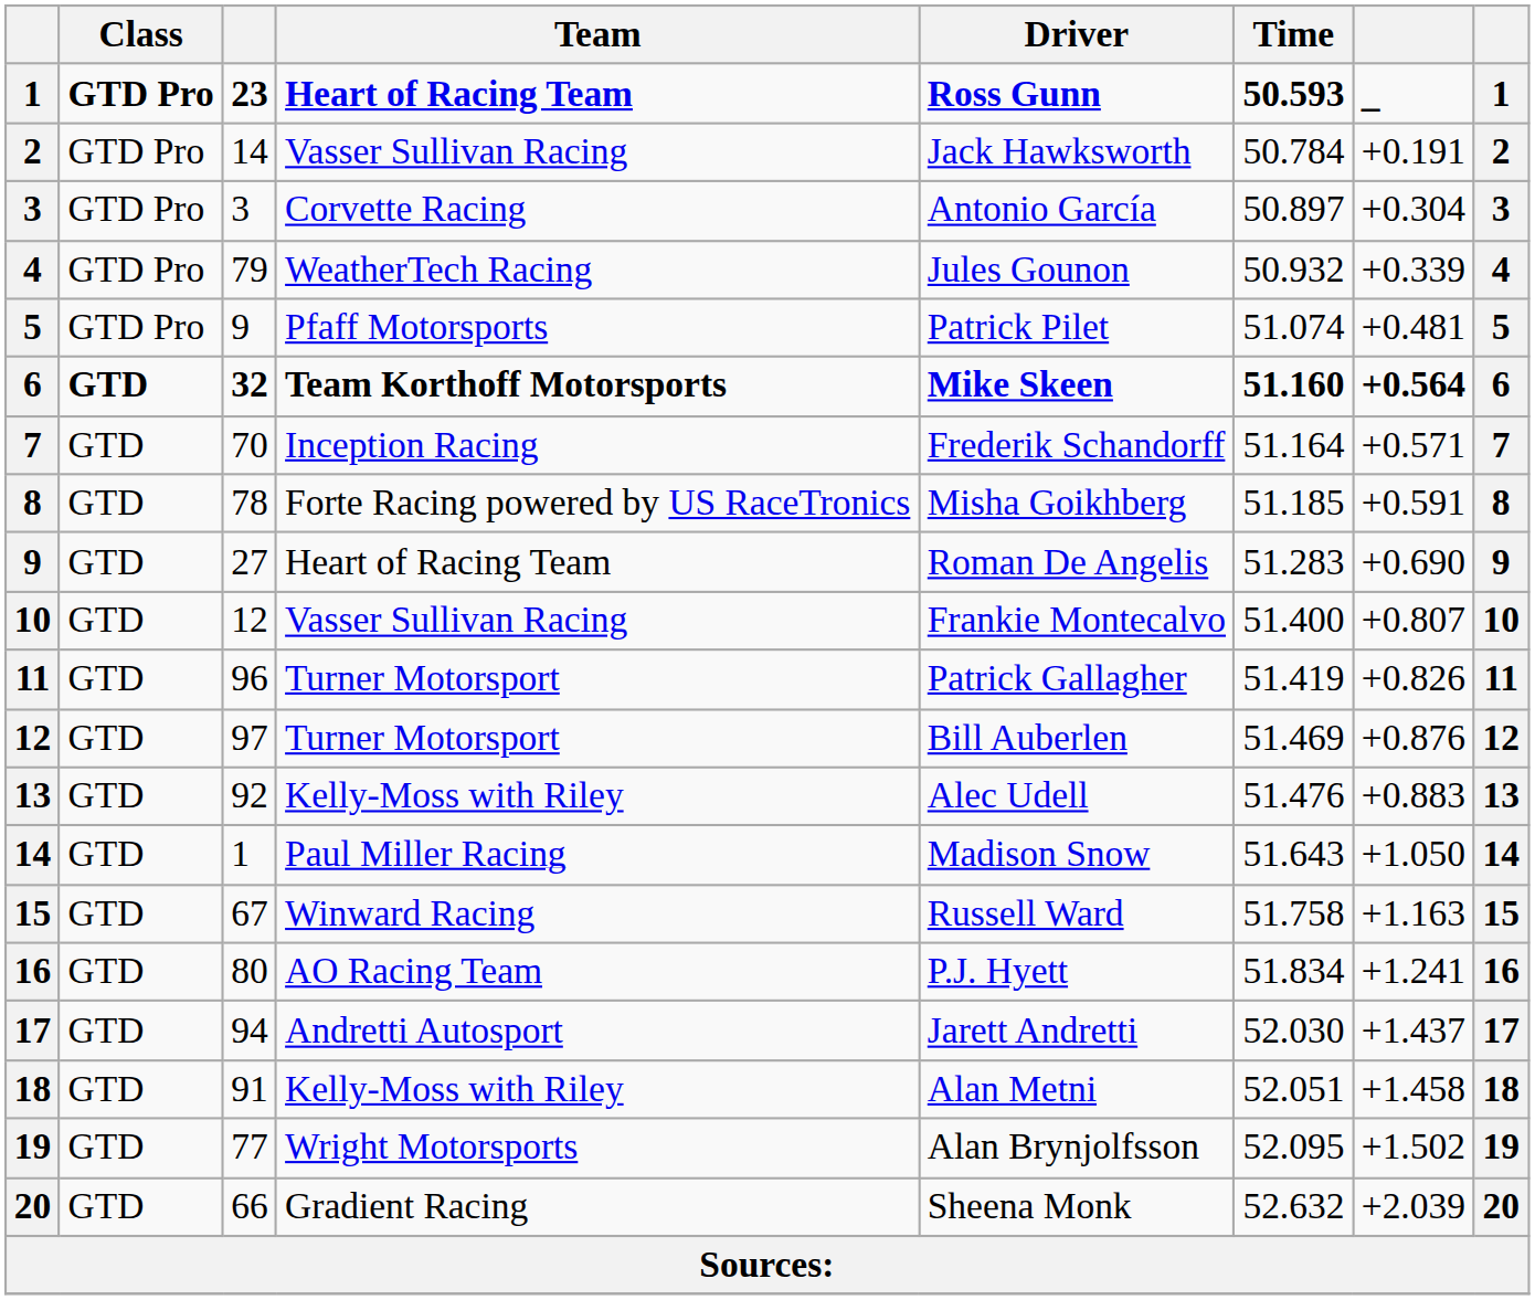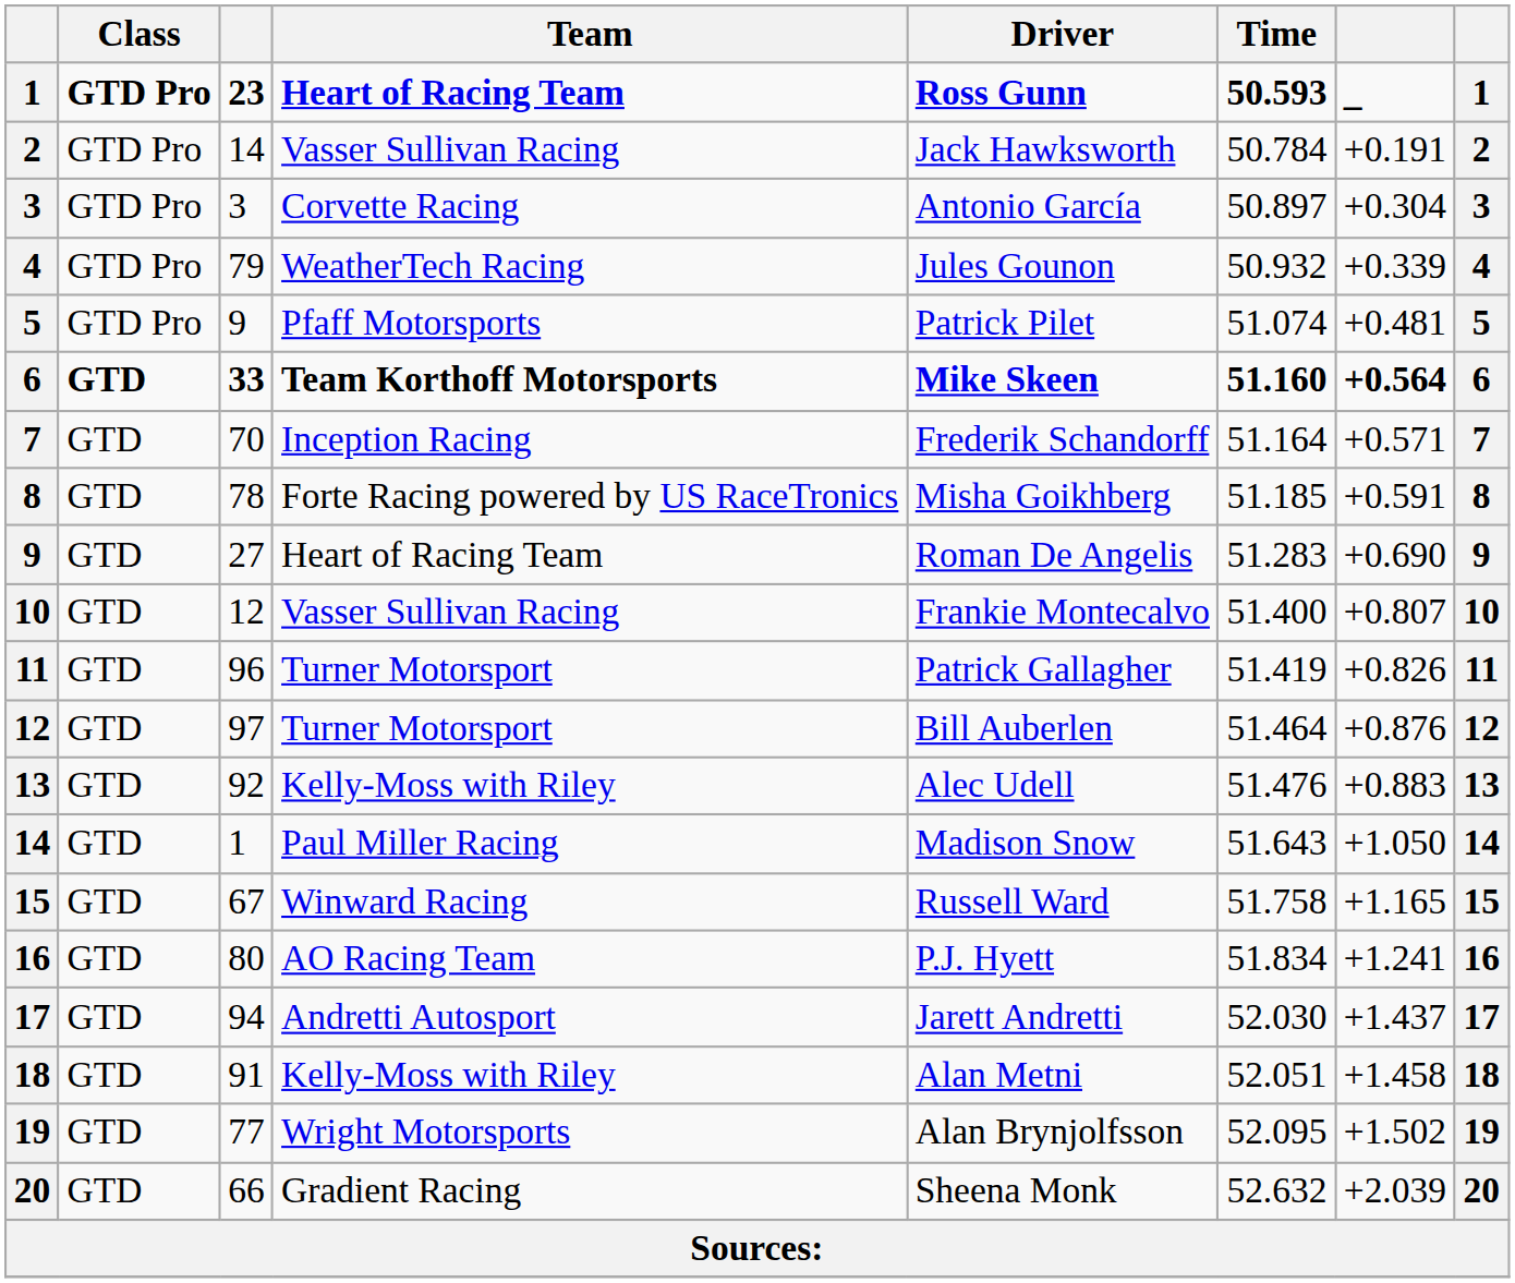 <table class="wikitable">
 <tr>
 <th scope="col"></th>
 <th scope="col">Class</th>
 <th scope="col"></th>
 <th scope="col">Team</th>
 <th scope="col">Driver</th>
 <th scope="col">Time</th>
 <th scope="col"></th>
 <th scope="col"></th>
 </tr>
 <tr>
 <th scope="row">1</th>
 <td><strong>GTD Pro</strong></td>
 <td><strong>23</strong></td>
 <td><strong> <a href='#'>Heart of Racing Team</a></strong></td>
 <td><strong> <a href='#'>Ross Gunn</a></strong></td>
 <td><strong>50.593</strong></td>
 <td><strong>_</strong></td>
 <th><strong>1</strong></th>
 </tr>
 <tr>
 <th scope="row">2</th>
 <td>GTD Pro</td>
 <td>14</td>
 <td> <a href='#'>Vasser Sullivan Racing</a></td>
 <td> <a href='#'>Jack Hawksworth</a></td>
 <td>50.784</td>
 <td>+0.191</td>
 <th>2</th>
 </tr>
 <tr>
 <th scope="row">3</th>
 <td>GTD Pro</td>
 <td>3</td>
 <td> <a href='#'>Corvette Racing</a></td>
 <td> <a href='#'>Antonio García</a></td>
 <td>50.897</td>
 <td>+0.304</td>
 <th>3</th>
 </tr>
 <tr>
 <th scope="row">4</th>
 <td>GTD Pro</td>
 <td>79</td>
 <td> <a href='#'>WeatherTech Racing</a></td>
 <td> <a href='#'>Jules Gounon</a></td>
 <td>50.932</td>
 <td>+0.339</td>
 <th>4</th>
 </tr>
 <tr>
 <th scope="row">5</th>
 <td>GTD Pro</td>
 <td>9</td>
 <td> <a href='#'>Pfaff Motorsports</a></td>
 <td> <a href='#'>Patrick Pilet</a></td>
 <td>51.074</td>
 <td>+0.481</td>
 <th>5</th>
 </tr>
 <tr>
 <th scope="row">6</th>
 <td><strong>GTD</strong></td>
-<td><strong>32</strong></td>
+<td><strong>33</strong></td>
 <td><strong> Team Korthoff Motorsports</strong></td>
 <td><strong> <a href='#'>Mike Skeen</a></strong></td>
 <td><strong>51.160</strong></td>
 <td><strong>+0.564</strong></td>
 <th>6</th>
 </tr>
 <tr>
 <th scope="row">7</th>
 <td>GTD</td>
 <td>70</td>
 <td> <a href='#'>Inception Racing</a></td>
 <td> <a href='#'>Frederik Schandorff</a></td>
 <td>51.164</td>
 <td>+0.571</td>
 <th><strong>7</strong></th>
 </tr>
 <tr>
 <th scope="row">8</th>
 <td>GTD</td>
 <td>78</td>
 <td> Forte Racing powered by <a href='#'>US RaceTronics</a></td>
 <td> <a href='#'>Misha Goikhberg</a></td>
 <td>51.185</td>
 <td>+0.591</td>
 <th>8</th>
 </tr>
 <tr>
 <th scope="row">9</th>
 <td>GTD</td>
 <td>27</td>
 <td> Heart of Racing Team</td>
 <td> <a href='#'>Roman De Angelis</a></td>
 <td>51.283</td>
 <td>+0.690</td>
 <th>9</th>
 </tr>
 <tr>
 <th scope="row">10</th>
 <td>GTD</td>
 <td>12</td>
 <td> <a href='#'>Vasser Sullivan Racing</a></td>
 <td> <a href='#'>Frankie Montecalvo</a></td>
 <td>51.400</td>
 <td>+0.807</td>
 <th>10</th>
 </tr>
 <tr>
 <th scope="row">11</th>
 <td>GTD</td>
 <td>96</td>
 <td> <a href='#'>Turner Motorsport</a></td>
 <td> <a href='#'>Patrick Gallagher</a></td>
 <td>51.419</td>
 <td>+0.826</td>
 <th>11</th>
 </tr>
 <tr>
 <th scope="row">12</th>
 <td>GTD</td>
 <td>97</td>
 <td> <a href='#'>Turner Motorsport</a></td>
 <td> <a href='#'>Bill Auberlen</a></td>
-<td>51.469</td>
+<td>51.464</td>
 <td>+0.876</td>
 <th>12</th>
 </tr>
 <tr>
 <th scope="row">13</th>
 <td>GTD</td>
 <td>92</td>
 <td> <a href='#'>Kelly-Moss with Riley</a></td>
 <td> <a href='#'>Alec Udell</a></td>
 <td>51.476</td>
 <td>+0.883</td>
 <th>13</th>
 </tr>
 <tr>
 <th scope="row">14</th>
 <td>GTD</td>
 <td>1</td>
 <td> <a href='#'>Paul Miller Racing</a></td>
 <td> <a href='#'>Madison Snow</a></td>
 <td>51.643</td>
 <td>+1.050</td>
 <th>14</th>
 </tr>
 <tr>
 <th scope="row">15</th>
 <td>GTD</td>
 <td>67</td>
 <td> <a href='#'>Winward Racing</a></td>
 <td> <a href='#'>Russell Ward</a></td>
 <td>51.758</td>
-<td>+1.163</td>
+<td>+1.165</td>
 <th>15</th>
 </tr>
 <tr>
 <th scope="row">16</th>
 <td>GTD</td>
 <td>80</td>
 <td> <a href='#'>AO Racing Team</a></td>
 <td> <a href='#'>P.J. Hyett</a></td>
 <td>51.834</td>
 <td>+1.241</td>
 <th>16</th>
 </tr>
 <tr>
 <th scope="row">17</th>
 <td>GTD</td>
 <td>94</td>
 <td> <a href='#'>Andretti Autosport</a></td>
 <td> <a href='#'>Jarett Andretti</a></td>
 <td>52.030</td>
 <td>+1.437</td>
 <th>17</th>
 </tr>
 <tr>
 <th scope="row">18</th>
 <td>GTD</td>
 <td>91</td>
 <td> <a href='#'>Kelly-Moss with Riley</a></td>
 <td> <a href='#'>Alan Metni</a></td>
 <td>52.051</td>
 <td>+1.458</td>
 <th>18</th>
 </tr>
 <tr>
 <th scope="row">19</th>
 <td>GTD</td>
 <td>77</td>
 <td> <a href='#'>Wright Motorsports</a></td>
 <td> Alan Brynjolfsson</td>
 <td>52.095</td>
 <td>+1.502</td>
 <th>19</th>
 </tr>
 <tr>
 <th scope="row">20</th>
 <td>GTD</td>
 <td>66</td>
 <td> Gradient Racing</td>
 <td> Sheena Monk</td>
 <td>52.632</td>
 <td>+2.039</td>
 <th>20</th>
 </tr>
 <tr>
 <th colspan="8">Sources:</th>
 </tr>
 <tr>
 </tr>
 </table>
